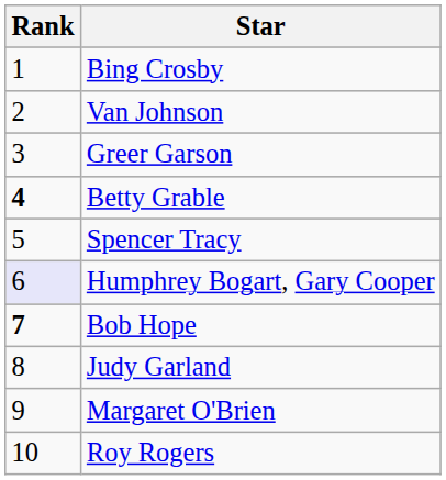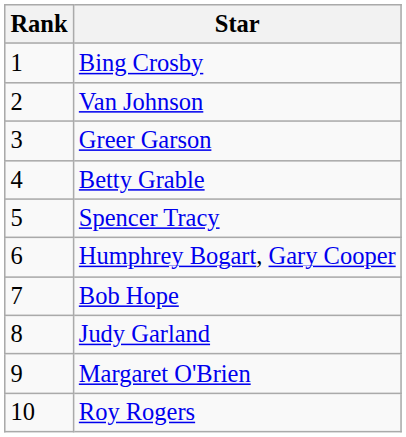 <table class="wikitable">
 <tr>
 <th>Rank</th>
 <th>Star</th>
 </tr>
 <tr>
 <td>1</td>
 <td><a href='#'>Bing Crosby</a></td>
 </tr>
 <tr>
 <td>2</td>
 <td><a href='#'>Van Johnson</a></td>
 </tr>
 <tr>
 <td>3</td>
 <td><a href='#'>Greer Garson</a></td>
 </tr>
 <tr>
-<td><strong>4</strong></td>
+<td>4</td>
 <td><a href='#'>Betty Grable</a></td>
 </tr>
 <tr>
 <td>5</td>
 <td><a href='#'>Spencer Tracy</a></td>
 </tr>
 <tr>
-<td style="background: lavender;">6</td>
+<td>6</td>
 <td><a href='#'>Humphrey Bogart</a>, <a href='#'>Gary Cooper</a></td>
 </tr>
 <tr>
-<td><strong>7</strong></td>
+<td>7</td>
 <td><a href='#'>Bob Hope</a></td>
 </tr>
 <tr>
 <td>8</td>
 <td><a href='#'>Judy Garland</a></td>
 </tr>
 <tr>
 <td>9</td>
 <td><a href='#'>Margaret O'Brien</a></td>
 </tr>
 <tr>
 <td>10</td>
 <td><a href='#'>Roy Rogers</a></td>
 </tr>
 </table>
